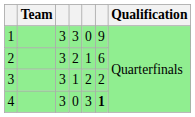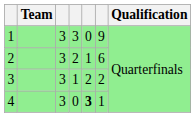 <table class="wikitable">
 <tr>
 <th></th>
 <th>Team</th>
 <th></th>
 <th></th>
 <th></th>
 <th></th>
 <th>Qualification</th>
 </tr>
 <tr bgcolor=lightgreen>
 <td>1</td>
 <td></td>
 <td>3</td>
 <td>3</td>
 <td>0</td>
 <td>9</td>
 <td rowspan=4>Quarterfinals</td>
 </tr>
 <tr bgcolor=lightgreen>
 <td>2</td>
 <td></td>
 <td>3</td>
 <td>2</td>
 <td>1</td>
 <td>6</td>
 </tr>
 <tr bgcolor=lightgreen>
 <td>3</td>
 <td></td>
 <td>3</td>
 <td>1</td>
 <td>2</td>
 <td>2</td>
 </tr>
 <tr bgcolor=lightgreen>
 <td>4</td>
 <td></td>
 <td>3</td>
 <td>0</td>
-<td>3</td>
-<td><strong>1</strong></td>
+<td><strong>3</strong></td>
+<td>1</td>
 </tr>
 </table>
